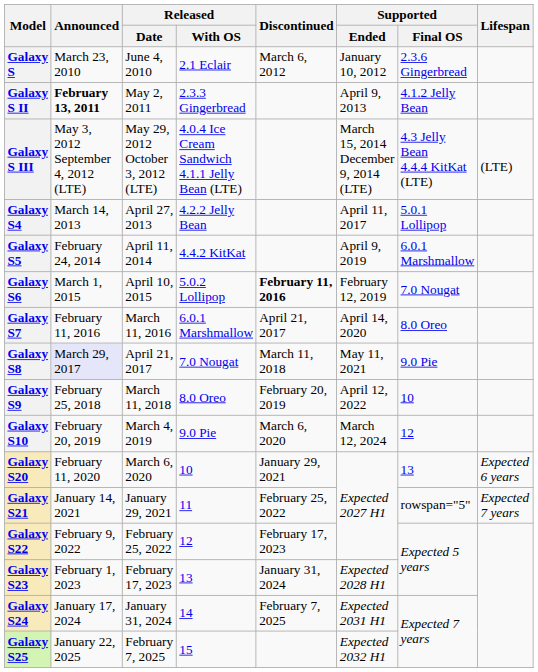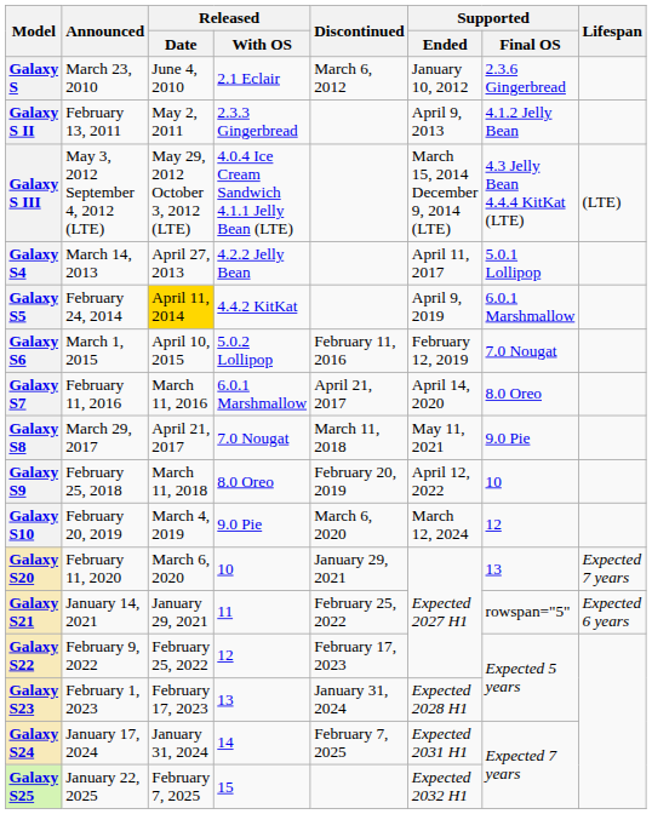 <table class="wikitable mw-datatable">
 <tr>
 <th rowspan="2">Model</th>
 <th rowspan="2">Announced</th>
 <th colspan="2">Released</th>
 <th rowspan="2">Discontinued</th>
 <th colspan="2">Supported</th>
 <th rowspan="2">Lifespan</th>
 </tr>
 <tr>
 <th>Date</th>
 <th>With OS</th>
 <th>Ended</th>
 <th>Final OS</th>
 </tr>
 <tr>
 <th style="text-align: left;"><a href='#'>Galaxy S</a></th>
 <td>March 23, 2010</td>
 <td>June 4, 2010</td>
 <td><a href='#'>2.1 Eclair</a></td>
 <td>March 6, 2012</td>
 <td>January 10, 2012</td>
 <td><a href='#'>2.3.6 Gingerbread</a></td>
 <td></td>
 </tr>
 <tr>
 <th style="text-align: left;"><a href='#'>Galaxy S II</a></th>
-<td><strong>February 13, 2011</strong></td>
+<td>February 13, 2011</td>
 <td>May 2, 2011</td>
 <td><a href='#'>2.3.3 Gingerbread</a></td>
 <td></td>
 <td>April 9, 2013</td>
 <td><a href='#'>4.1.2 Jelly Bean</a></td>
 <td></td>
 </tr>
 <tr>
 <th style="text-align: left;"><a href='#'>Galaxy S III</a></th>
 <td>May 3, 2012 <br> September 4, 2012 (LTE)</td>
 <td>May 29, 2012 <br> October 3, 2012 (LTE)</td>
 <td><a href='#'>4.0.4 Ice Cream Sandwich</a> <br> <a href='#'>4.1.1 Jelly Bean</a> (LTE)</td>
 <td></td>
 <td>March 15, 2014 <br> December 9, 2014 (LTE)</td>
 <td><a href='#'>4.3 Jelly Bean</a> <br> <a href='#'>4.4.4 KitKat</a> (LTE)</td>
 <td> <br>  (LTE)</td>
 </tr>
 <tr>
 <th style="text-align: left;"><a href='#'>Galaxy S4</a></th>
 <td>March 14, 2013</td>
 <td>April 27, 2013</td>
 <td><a href='#'>4.2.2 Jelly Bean</a></td>
 <td></td>
 <td>April 11, 2017</td>
 <td><a href='#'>5.0.1 Lollipop</a></td>
 <td></td>
 </tr>
 <tr>
 <th style="text-align: left;"><a href='#'>Galaxy S5</a></th>
 <td>February 24, 2014</td>
-<td>April 11, 2014</td>
+<td style="background: gold;">April 11, 2014</td>
 <td><a href='#'>4.4.2 KitKat</a></td>
 <td></td>
 <td>April 9, 2019</td>
 <td><a href='#'>6.0.1 Marshmallow</a></td>
 <td></td>
 </tr>
 <tr>
 <th style="text-align: left;"><a href='#'>Galaxy S6</a></th>
 <td>March 1, 2015</td>
 <td>April 10, 2015</td>
 <td><a href='#'>5.0.2 Lollipop</a></td>
-<td><strong>February 11, 2016</strong></td>
+<td>February 11, 2016</td>
 <td>February 12, 2019</td>
 <td><a href='#'>7.0 Nougat</a></td>
 <td></td>
 </tr>
 <tr>
 <th style="text-align: left;"><a href='#'>Galaxy S7</a></th>
 <td>February 11, 2016</td>
 <td>March 11, 2016</td>
 <td><a href='#'>6.0.1 Marshmallow</a></td>
 <td>April 21, 2017</td>
 <td>April 14, 2020</td>
 <td><a href='#'>8.0 Oreo</a></td>
 <td></td>
 </tr>
 <tr>
 <th style="text-align: left;"><a href='#'>Galaxy S8</a></th>
-<td style="background: lavender;">March 29, 2017</td>
+<td>March 29, 2017</td>
 <td>April 21, 2017</td>
 <td><a href='#'>7.0 Nougat</a></td>
 <td>March 11, 2018</td>
 <td>May 11, 2021</td>
 <td><a href='#'>9.0 Pie</a></td>
 <td></td>
 </tr>
 <tr>
 <th style="text-align: left;"><a href='#'>Galaxy S9</a></th>
 <td>February 25, 2018</td>
 <td>March 11, 2018</td>
 <td><a href='#'>8.0 Oreo</a></td>
 <td>February 20, 2019</td>
 <td>April 12, 2022</td>
 <td><a href='#'>10</a></td>
 <td></td>
 </tr>
 <tr>
 <th style="text-align: left;"><a href='#'>Galaxy S10</a></th>
 <td>February 20, 2019</td>
 <td>March 4, 2019</td>
 <td><a href='#'>9.0 Pie</a></td>
 <td>March 6, 2020</td>
 <td>March 12, 2024</td>
 <td><a href='#'>12</a></td>
 <td></td>
 </tr>
 <tr>
 <th style="text-align: left; background:#f8eaba;"><a href='#'>Galaxy S20</a></th>
 <td>February 11, 2020</td>
 <td>March 6, 2020</td>
 <td><a href='#'>10</a></td>
 <td>January 29, 2021</td>
 <td rowspan="3"><em>Expected 2027 H1</em></td>
 <td><a href='#'>13</a></td>
-<td><em>Expected 6 years</em></td>
+<td><em>Expected 7 years</em></td>
 </tr>
 <tr>
 <th style="text-align: left; background:#f8eaba;"><a href='#'>Galaxy S21</a></th>
 <td>January 14, 2021</td>
 <td>January 29, 2021</td>
 <td><a href='#'>11</a></td>
 <td>February 25, 2022</td>
 <td>rowspan="5" </td>
-<td><em>Expected 7 years</em></td>
+<td><em>Expected 6 years</em></td>
 </tr>
 <tr>
 <th style="text-align: left; background:#f8eaba;"><a href='#'>Galaxy S22</a></th>
 <td>February 9, 2022</td>
 <td>February 25, 2022</td>
 <td><a href='#'>12</a></td>
 <td>February 17, 2023</td>
 <td rowspan="2"><em>Expected 5 years</em></td>
 </tr>
 <tr>
 <th style="text-align: left; background:#f8eaba;"><a href='#'>Galaxy S23</a></th>
 <td>February 1, 2023</td>
 <td>February 17, 2023</td>
 <td><a href='#'>13</a></td>
 <td>January 31, 2024</td>
 <td><em>Expected 2028 H1</em></td>
 </tr>
 <tr>
 <th style="text-align: left; background:#f8eaba;"><a href='#'>Galaxy S24</a></th>
 <td>January 17, 2024</td>
 <td>January 31, 2024</td>
 <td><a href='#'>14</a></td>
 <td>February 7, 2025</td>
 <td><em>Expected 2031 H1</em></td>
 <td rowspan="2"><em>Expected 7 years</em></td>
 </tr>
 <tr>
 <th style="text-align: left; background:#d4f4b4;"><a href='#'>Galaxy S25</a></th>
 <td>January 22, 2025</td>
 <td>February 7, 2025</td>
 <td><a href='#'>15</a></td>
 <td></td>
 <td><em>Expected 2032 H1</em></td>
 </tr>
 </table>
